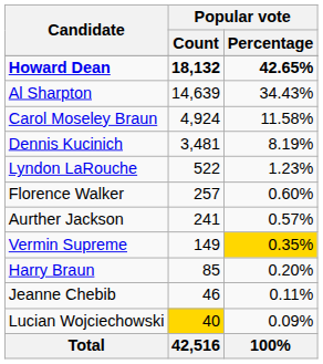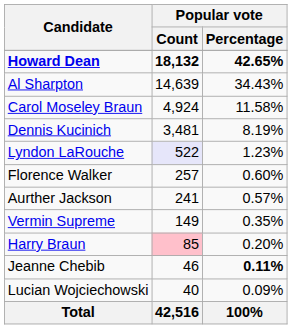 <table class="wikitable sortable plainrowheaders" style="text-align:right;">
 <tr>
 <th rowspan="2">Candidate</th>
 <th colspan="2">Popular vote</th>
 </tr>
 <tr>
 <th>Count</th>
 <th>Percentage</th>
 </tr>
 <tr>
 </tr>
 <tr>
 <td style="text-align:left;"><strong><a href='#'>Howard Dean</a></strong></td>
 <td><strong>18,132</strong></td>
 <td><strong>42.65%</strong></td>
 </tr>
 <tr>
 <td style="text-align:left;"><a href='#'>Al Sharpton</a></td>
 <td>14,639</td>
 <td>34.43%</td>
 </tr>
 <tr>
 <td style="text-align:left;"><a href='#'>Carol Moseley Braun</a></td>
 <td>4,924</td>
 <td>11.58%</td>
 </tr>
 <tr>
 <td style="text-align:left;"><a href='#'>Dennis Kucinich</a></td>
 <td>3,481</td>
 <td>8.19%</td>
 </tr>
 <tr>
 <td style="text-align:left;"><a href='#'>Lyndon LaRouche</a></td>
-<td>522</td>
+<td style="background: lavender;">522</td>
 <td>1.23%</td>
 </tr>
 <tr>
 <td style="text-align:left;">Florence Walker</td>
 <td>257</td>
 <td>0.60%</td>
 </tr>
 <tr>
 <td style="text-align:left;">Aurther Jackson</td>
 <td>241</td>
 <td>0.57%</td>
 </tr>
 <tr>
 <td style="text-align:left;"><a href='#'>Vermin Supreme</a></td>
 <td>149</td>
-<td style="background: gold;">0.35%</td>
+<td>0.35%</td>
 </tr>
 <tr>
 <td style="text-align:left;"><a href='#'>Harry Braun</a></td>
-<td>85</td>
+<td style="background: pink;">85</td>
 <td>0.20%</td>
 </tr>
 <tr>
 <td style="text-align:left;">Jeanne Chebib</td>
 <td>46</td>
-<td>0.11%</td>
+<td><strong>0.11%</strong></td>
 </tr>
 <tr>
 <td style="text-align:left;">Lucian Wojciechowski</td>
-<td style="background: gold;">40</td>
+<td>40</td>
 <td>0.09%</td>
 </tr>
 <tr class="sortbottom">
 <th>Total</th>
 <th>42,516</th>
 <th>100%</th>
 </tr>
 </table>
